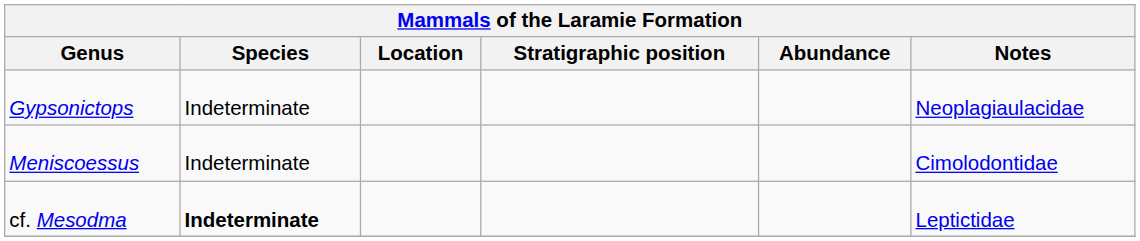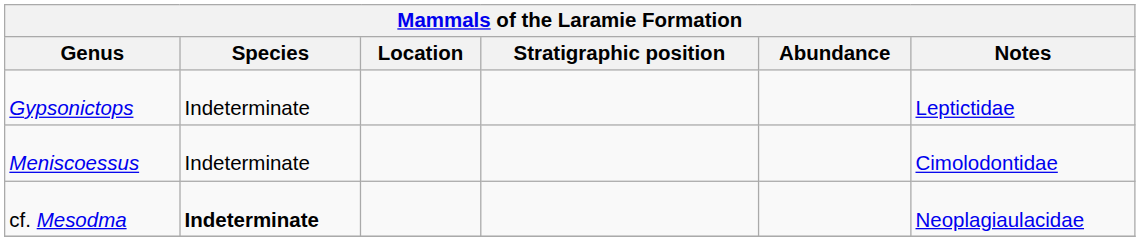 <table class="wikitable" align="center" width="100%">
 <tr>
 <th colspan="7" align="center"><strong><a href='#'>Mammals</a> of the Laramie Formation</strong></th>
 </tr>
 <tr>
 <th>Genus</th>
 <th>Species</th>
 <th>Location</th>
 <th>Stratigraphic position</th>
 <th>Abundance</th>
 <th>Notes<br></th>
 </tr>
 <tr>
 <td><br><em><a href='#'>Gypsonictops</a></em></td>
 <td><br>Indeterminate</td>
 <td></td>
 <td></td>
 <td></td>
-<td><br><a href='#'>Neoplagiaulacidae</a></td>
+<td><br><a href='#'>Leptictidae</a> </td>
 </tr>
 <tr>
 <td><br><em><a href='#'>Meniscoessus</a></em></td>
 <td><br>Indeterminate</td>
 <td></td>
 <td></td>
 <td></td>
 <td><br><a href='#'>Cimolodontidae</a></td>
 </tr>
 <tr>
 <td><br>cf. <em><a href='#'>Mesodma</a></em></td>
 <td><strong><br>Indeterminate</strong></td>
 <td></td>
 <td></td>
 <td></td>
-<td><br><a href='#'>Leptictidae</a> </td>
+<td><br><a href='#'>Neoplagiaulacidae</a></td>
 </tr>
 <tr>
 </tr>
 </table>
